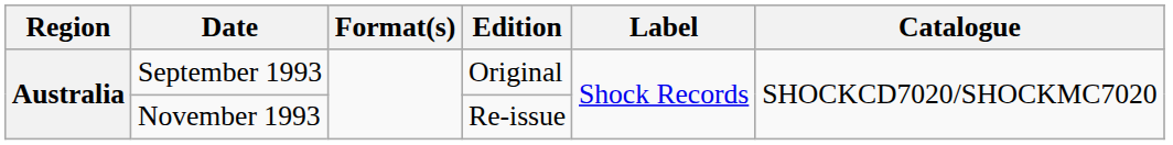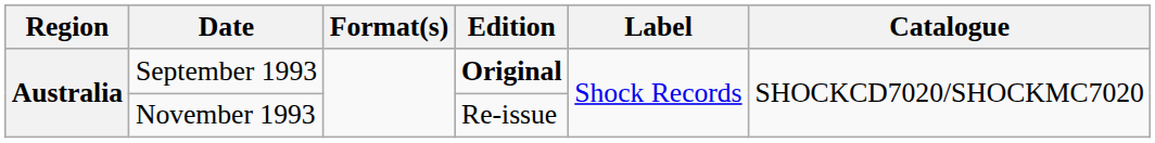 <table class="wikitable plainrowheaders">
 <tr>
 <th scope="col">Region</th>
 <th scope="col">Date</th>
 <th scope="col">Format(s)</th>
 <th scope="col">Edition</th>
 <th scope="col">Label</th>
 <th scope="col">Catalogue</th>
 </tr>
 <tr>
 <th scope="row" rowspan="2">Australia</th>
 <td>September 1993</td>
 <td rowspan="2"></td>
-<td>Original</td>
+<td><strong>Original</strong></td>
 <td rowspan="2"><a href='#'>Shock Records</a></td>
 <td rowspan="2">SHOCKCD7020/SHOCKMC7020</td>
 </tr>
 <tr>
 <td>November 1993</td>
 <td rowspan="2">Re-issue</td>
 </tr>
 </table>
